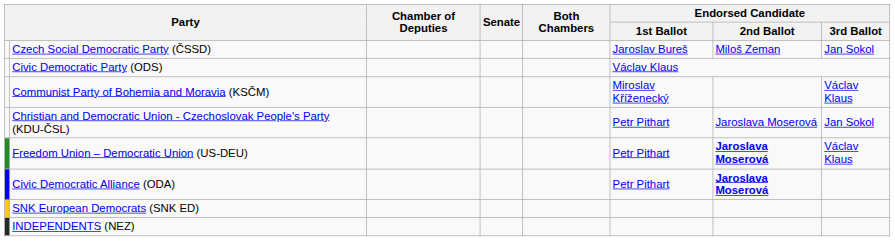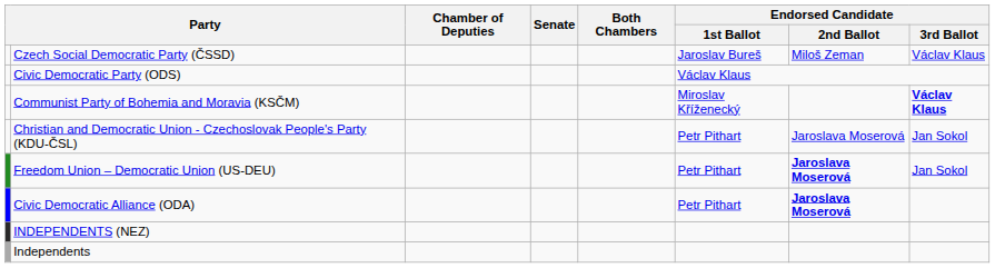 <table class=wikitable style=text-align:left style=text-align:center;font-size:85%;line-height:14px;">
 <tr>
 <th rowspan="2" colspan="2">Party</th>
 <th rowspan="2">Chamber of Deputies</th>
 <th rowspan="2">Senate</th>
 <th rowspan="2">Both Chambers</th>
 <th colspan="3">Endorsed Candidate</th>
 </tr>
 <tr>
 <th>1st Ballot</th>
 <th>2nd Ballot</th>
 <th>3rd Ballot</th>
 </tr>
 <tr>
 <td></td>
 <td><a href='#'>Czech Social Democratic Party</a> (ČSSD)</td>
 <td></td>
 <td></td>
 <td></td>
 <td><a href='#'>Jaroslav Bureš</a></td>
 <td><a href='#'>Miloš Zeman</a></td>
-<td><a href='#'>Jan Sokol</a></td>
+<td><a href='#'>Václav Klaus</a></td>
 </tr>
 <tr>
 <td></td>
 <td><a href='#'>Civic Democratic Party</a> (ODS)</td>
 <td></td>
 <td></td>
 <td></td>
 <td colspan="3"><a href='#'>Václav Klaus</a></td>
 </tr>
 <tr>
 <td></td>
 <td><a href='#'>Communist Party of Bohemia and Moravia</a> (KSČM)</td>
 <td></td>
 <td></td>
 <td></td>
 <td><a href='#'>Miroslav Kříženecký</a></td>
 <td></td>
-<td><a href='#'>Václav Klaus</a></td>
+<td><strong><a href='#'>Václav Klaus</a></strong></td>
 </tr>
 <tr>
 <td></td>
 <td><a href='#'>Christian and Democratic Union - Czechoslovak People's Party</a> (KDU-ČSL)</td>
 <td></td>
 <td></td>
 <td></td>
 <td><a href='#'>Petr Pithart</a></td>
 <td><a href='#'>Jaroslava Moserová</a></td>
 <td><a href='#'>Jan Sokol</a></td>
 </tr>
 <tr>
 <td style="background:#228b22;"></td>
 <td><a href='#'>Freedom Union – Democratic Union</a> (US-DEU)</td>
 <td></td>
 <td></td>
 <td></td>
 <td><a href='#'>Petr Pithart</a></td>
 <td><strong><a href='#'>Jaroslava Moserová</a></strong></td>
-<td><a href='#'>Václav Klaus</a></td>
+<td><a href='#'>Jan Sokol</a></td>
 </tr>
 <tr>
 <td style="background:#0000FF;"></td>
 <td><a href='#'>Civic Democratic Alliance</a> (ODA)</td>
 <td></td>
 <td></td>
 <td></td>
 <td><a href='#'>Petr Pithart</a></td>
 <td><strong><a href='#'>Jaroslava Moserová</a></strong></td>
 <td></td>
 </tr>
 <tr>
-<td style="background:#FFCB03;"></td>
-<td><a href='#'>SNK European Democrats</a> (SNK ED)</td>
-<td></td>
-<td></td>
-<td></td>
-<td></td>
-<td></td>
-<td></td>
-</tr>
-<tr>
 <td style="background:#292829;"></td>
 <td><a href='#'>INDEPENDENTS</a> (NEZ)</td>
 <td></td>
 <td></td>
 <td></td>
 <td></td>
 <td></td>
 <td></td>
 </tr>
+<tr>
+<td style="background:#A9A9A9;"></td>
+<td>Independents</td>
+<td></td>
+<td></td>
+<td></td>
+<td></td>
+<td></td>
+<td></td>
+</tr>
 </table>
